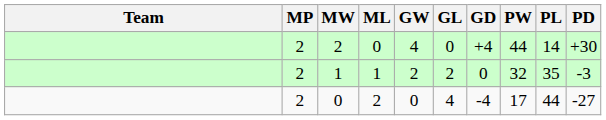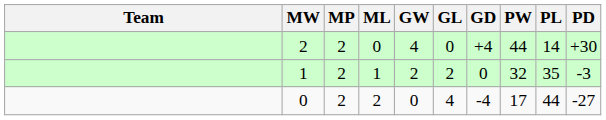 <table class=wikitable style="text-align:center">
 <tr>
 <th width=250>Team</th>
+<th width=20>MW</th>
 <th width=20>MP</th>
-<th width=20>MW</th>
 <th width=20>ML</th>
 <th width=20>GW</th>
 <th width=20>GL</th>
 <th width=20>GD</th>
 <th width=20>PW</th>
 <th width=20>PL</th>
 <th width=20>PD</th>
 </tr>
 <tr style="background:#cfc;">
 <td align=left><br></td>
 <td>2</td>
 <td>2</td>
 <td>0</td>
 <td>4</td>
 <td>0</td>
 <td>+4</td>
 <td>44</td>
 <td>14</td>
 <td>+30</td>
 </tr>
 <tr style="background:#cfc;">
 <td align=left><br></td>
+<td>1</td>
 <td>2</td>
-<td>1</td>
 <td>1</td>
 <td>2</td>
 <td>2</td>
 <td>0</td>
 <td>32</td>
 <td>35</td>
 <td>-3</td>
 </tr>
 <tr>
 <td align=left><br></td>
+<td>0</td>
 <td>2</td>
-<td>0</td>
 <td>2</td>
 <td>0</td>
 <td>4</td>
 <td>-4</td>
 <td>17</td>
 <td>44</td>
 <td>-27</td>
 </tr>
 </table>
